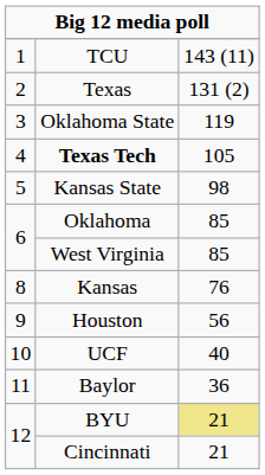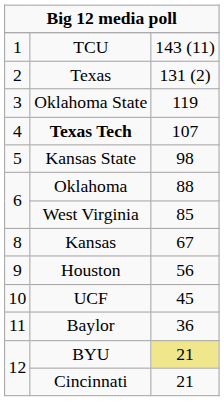 <table class="wikitable" style="display: inline-table;">
 <tr>
 <td align="center" Colspan="3"><strong>Big 12 media poll</strong></td>
 </tr>
 <tr align="center">
 </tr>
 <tr align="center">
 <td>1</td>
 <td>TCU</td>
 <td>143 (11)</td>
 </tr>
 <tr align="center">
 <td>2</td>
 <td>Texas</td>
 <td>131 (2)</td>
 </tr>
 <tr align="center">
 <td>3</td>
 <td>Oklahoma State</td>
 <td>119</td>
 </tr>
 <tr align="center">
 <td>4</td>
 <td><strong>Texas Tech</strong></td>
-<td>105</td>
+<td>107</td>
 </tr>
 <tr align="center">
 <td>5</td>
 <td>Kansas State</td>
 <td>98</td>
 </tr>
 <tr align="center">
 <td rowspan="2">6</td>
 <td>Oklahoma</td>
-<td>85</td>
+<td>88</td>
 </tr>
 <tr align="center">
 <td>West Virginia</td>
 <td>85</td>
 </tr>
 <tr align="center">
 <td>8</td>
 <td>Kansas</td>
-<td>76</td>
+<td>67</td>
 </tr>
 <tr align="center">
 <td>9</td>
 <td>Houston</td>
 <td>56</td>
 </tr>
 <tr align="center">
 <td>10</td>
 <td>UCF</td>
-<td>40</td>
+<td>45</td>
 </tr>
 <tr align="center">
 <td>11</td>
 <td>Baylor</td>
 <td>36</td>
 </tr>
 <tr align="center">
 <td rowspan="2">12</td>
 <td>BYU</td>
 <td style="background: khaki;">21</td>
 </tr>
 <tr align="center">
 <td>Cincinnati</td>
 <td>21</td>
 </tr>
 </table>
